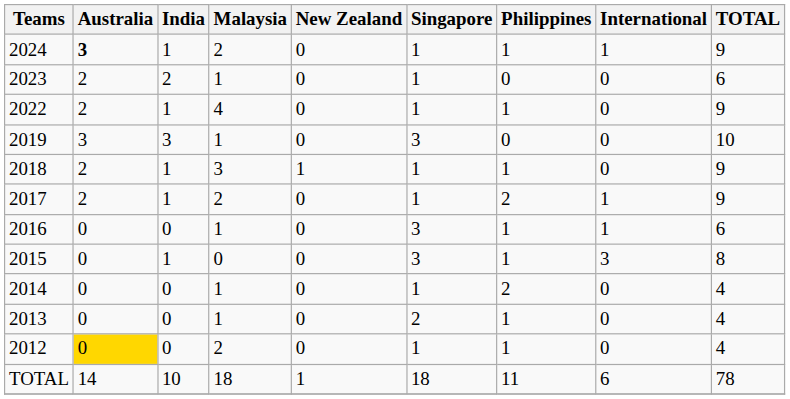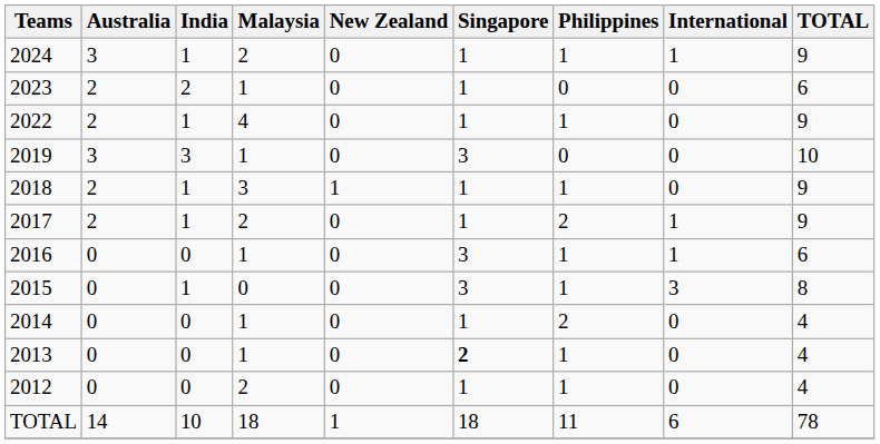 <table class="wikitable sortable" border="1" align="center">
 <tr>
 <th>Teams</th>
 <th>Australia</th>
 <th>India</th>
 <th>Malaysia</th>
 <th>New Zealand</th>
 <th>Singapore</th>
 <th>Philippines</th>
 <th>International</th>
 <th>TOTAL</th>
 </tr>
 <tr>
 <td>2024</td>
-<td><strong>3</strong></td>
+<td>3</td>
 <td>1</td>
 <td>2</td>
 <td>0</td>
 <td>1</td>
 <td>1</td>
 <td>1</td>
 <td>9</td>
 </tr>
 <tr>
 <td>2023</td>
 <td>2</td>
 <td>2</td>
 <td>1</td>
 <td>0</td>
 <td>1</td>
 <td>0</td>
 <td>0</td>
 <td>6</td>
 </tr>
 <tr>
 <td>2022</td>
 <td>2</td>
 <td>1</td>
 <td>4</td>
 <td>0</td>
 <td>1</td>
 <td>1</td>
 <td>0</td>
 <td>9</td>
 </tr>
 <tr>
 <td>2019</td>
 <td>3</td>
 <td>3</td>
 <td>1</td>
 <td>0</td>
 <td>3</td>
 <td>0</td>
 <td>0</td>
 <td>10</td>
 </tr>
 <tr>
 <td>2018</td>
 <td>2</td>
 <td>1</td>
 <td>3</td>
 <td>1</td>
 <td>1</td>
 <td>1</td>
 <td>0</td>
 <td>9</td>
 </tr>
 <tr>
 <td>2017</td>
 <td>2</td>
 <td>1</td>
 <td>2</td>
 <td>0</td>
 <td>1</td>
 <td>2</td>
 <td>1</td>
 <td>9</td>
 </tr>
 <tr>
 <td>2016</td>
 <td>0</td>
 <td>0</td>
 <td>1</td>
 <td>0</td>
 <td>3</td>
 <td>1</td>
 <td>1</td>
 <td>6</td>
 </tr>
 <tr>
 <td>2015</td>
 <td>0</td>
 <td>1</td>
 <td>0</td>
 <td>0</td>
 <td>3</td>
 <td>1</td>
 <td>3</td>
 <td>8</td>
 </tr>
 <tr>
 <td>2014</td>
 <td>0</td>
 <td>0</td>
 <td>1</td>
 <td>0</td>
 <td>1</td>
 <td>2</td>
 <td>0</td>
 <td>4</td>
 </tr>
 <tr>
 <td>2013</td>
 <td>0</td>
 <td>0</td>
 <td>1</td>
 <td>0</td>
-<td>2</td>
+<td><strong>2</strong></td>
 <td>1</td>
 <td>0</td>
 <td>4</td>
 </tr>
 <tr>
 <td>2012</td>
-<td style="background: gold;">0</td>
+<td>0</td>
 <td>0</td>
 <td>2</td>
 <td>0</td>
 <td>1</td>
 <td>1</td>
 <td>0</td>
 <td>4</td>
 </tr>
 <tr>
 <td>TOTAL</td>
 <td>14</td>
 <td>10</td>
 <td>18</td>
 <td>1</td>
 <td>18</td>
 <td>11</td>
 <td>6</td>
 <td>78</td>
 </tr>
 <tr>
 </tr>
 </table>
